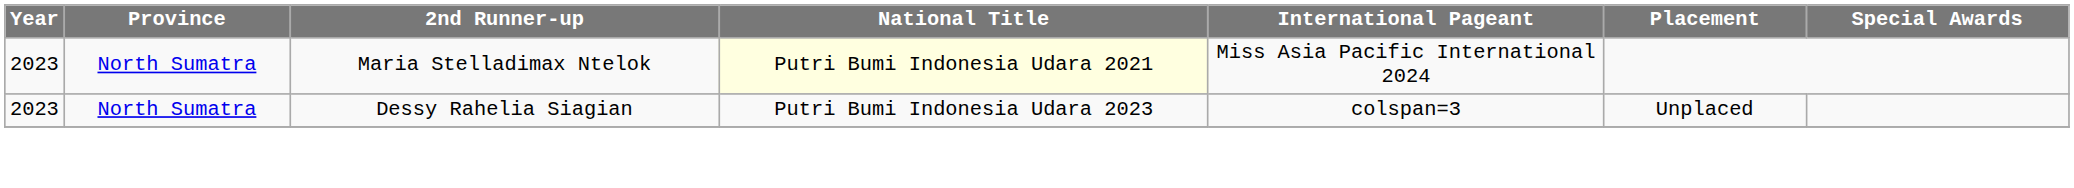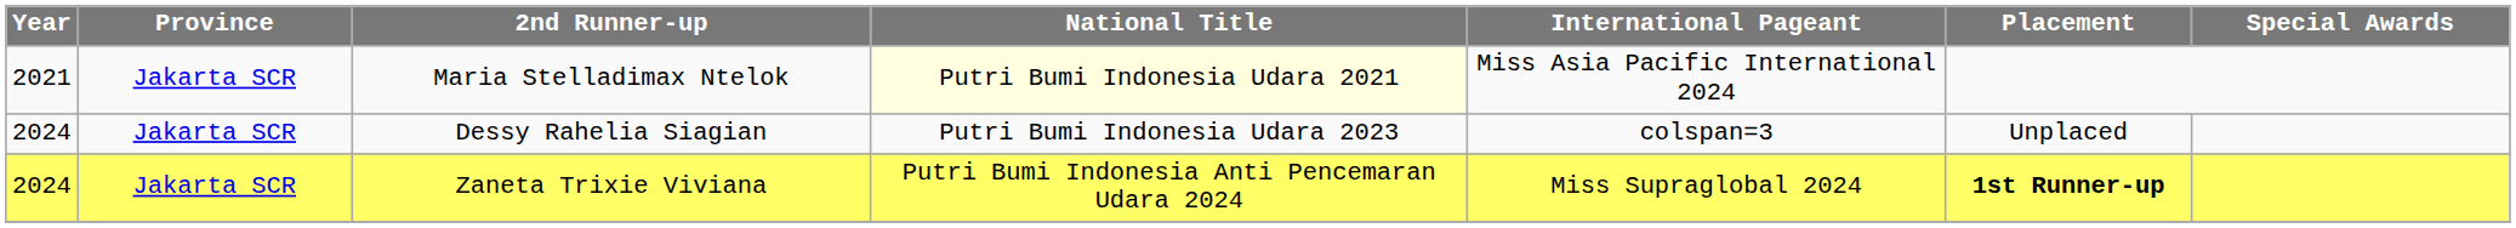 <table class="wikitable sortable" style="font-size: 95%; text-align:center">
 <tr>
 <th width="30" style="background-color:#787878;color:#FFFFFF;">Year</th>
 <th width="150" style="background-color:#787878;color:#FFFFFF;">Province</th>
 <th width="300" style="background-color:#787878;color:#FFFFFF;">2nd Runner-up</th>
 <th width="350" style="background-color:#787878;color:#FFFFFF;">National Title</th>
 <th width="270" style="background-color:#787878;color:#FFFFFF;">International Pageant</th>
 <th width="130" style="background-color:#787878;color:#FFFFFF;">Placement</th>
 <th width="180" style="background-color:#787878;color:#FFFFFF;">Special Awards</th>
 </tr>
 <tr>
-<td>2023</td>
-<td><a href='#'>North Sumatra</a></td>
+<td>2021</td>
+<td><a href='#'>Jakarta SCR</a></td>
 <td>Maria Stelladimax Ntelok</td>
 <td style="background: lightyellow;">Putri Bumi Indonesia Udara 2021</td>
 <td>Miss Asia Pacific International 2024</td>
 </tr>
 <tr>
-<td>2023</td>
-<td><a href='#'>North Sumatra</a></td>
+<td>2024</td>
+<td><a href='#'>Jakarta SCR</a></td>
 <td>Dessy Rahelia Siagian</td>
 <td>Putri Bumi Indonesia Udara 2023</td>
 <td>colspan=3 </td>
 <td>Unplaced</td>
 <td></td>
 </tr>
+<tr style="background-color:#FFFF66">
+<td>2024</td>
+<td><a href='#'>Jakarta SCR</a></td>
+<td>Zaneta Trixie Viviana</td>
+<td>Putri Bumi Indonesia Anti Pencemaran Udara 2024</td>
+<td>Miss Supraglobal 2024</td>
+<td><strong>1st Runner-up</strong></td>
+<td></td>
+</tr>
 <tr>
 </tr>
 </table>
